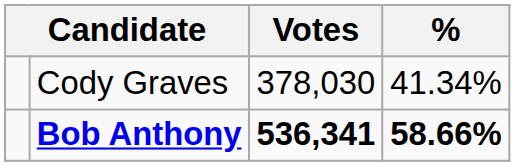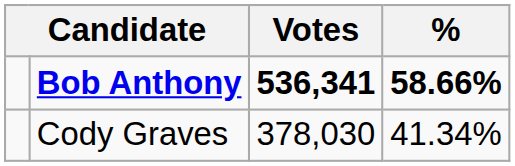 <table class="wikitable">
 <tr>
 <th colspan="2" rowspan="1" align="center" valign="top"><strong>Candidate</strong></th>
 <th valign="top"><strong>Votes</strong></th>
 <th valign="top"><strong>%</strong></th>
 </tr>
 <tr>
 <td style="background-color:"> </td>
+<td><strong><a href='#'>Bob Anthony</a></strong></td>
+<td><strong>536,341</strong></td>
+<td><strong>58.66%</strong></td>
+</tr>
+<tr>
+<td style="background-color:"> </td>
 <td>Cody Graves</td>
 <td>378,030</td>
 <td>41.34%</td>
 </tr>
-<tr>
-<td style="background-color:"> </td>
-<td><strong><a href='#'>Bob Anthony</a></strong></td>
-<td><strong>536,341</strong></td>
-<td><strong>58.66%</strong></td>
-</tr>
 </table>
